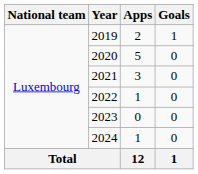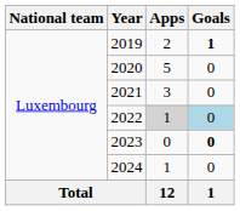 <table class="wikitable" style="text-align:center">
 <tr>
 <th>National team</th>
 <th>Year</th>
 <th>Apps</th>
 <th>Goals</th>
 </tr>
 <tr>
 <td rowspan="6"><a href='#'>Luxembourg</a></td>
 <td>2019</td>
 <td>2</td>
-<td>1</td>
+<td><strong>1</strong></td>
 </tr>
 <tr>
 <td>2020</td>
 <td>5</td>
 <td>0</td>
 </tr>
 <tr>
 <td>2021</td>
 <td>3</td>
 <td>0</td>
 </tr>
 <tr>
 <td>2022</td>
-<td>1</td>
-<td>0</td>
+<td style="background: lightgrey;">1</td>
+<td style="background: lightblue;">0</td>
 </tr>
 <tr>
 <td>2023</td>
 <td>0</td>
-<td>0</td>
+<td><strong>0</strong></td>
 </tr>
 <tr>
 <td>2024</td>
 <td>1</td>
 <td>0</td>
 </tr>
 <tr>
 <th colspan="2">Total</th>
 <th>12</th>
 <th>1</th>
 </tr>
 </table>
